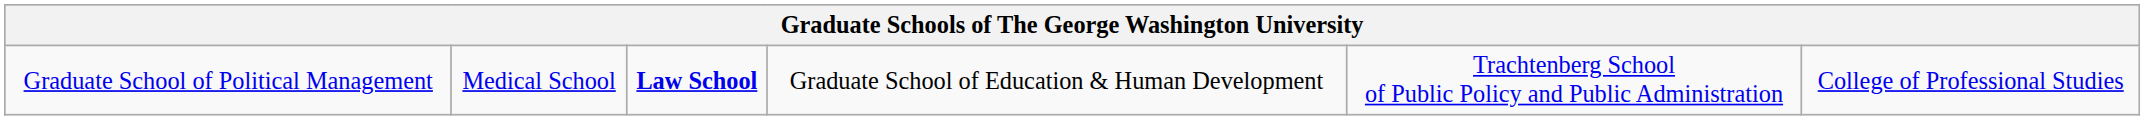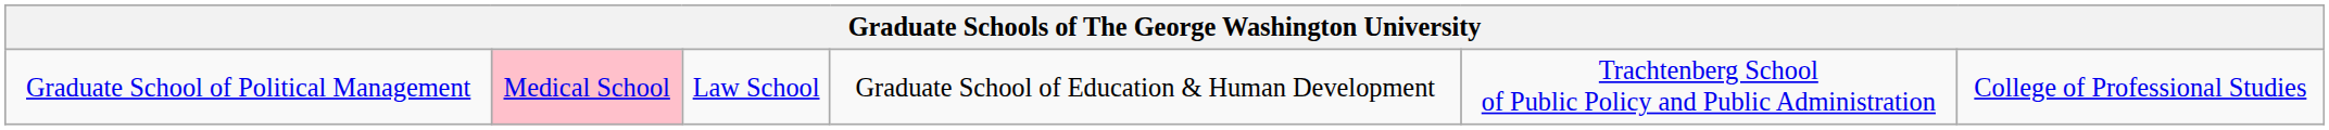 <table class="wikitable" style="font-size:90%; width:100%; border:0; text-align:center; line-height:120%;">
 <tr>
 <th colspan="6">Graduate Schools of The George Washington University</th>
 </tr>
 <tr>
 <td><a href='#'>Graduate School of Political Management</a></td>
-<td><a href='#'>Medical School</a></td>
-<td><strong><a href='#'>Law School</a></strong></td>
+<td style="background: pink;"><a href='#'>Medical School</a></td>
+<td><a href='#'>Law School</a></td>
 <td>Graduate School of Education & Human Development</td>
 <td><a href='#'>Trachtenberg School<br>of Public Policy and Public Administration</a></td>
 <td><a href='#'>College of Professional Studies</a></td>
 </tr>
 </table>
